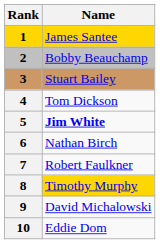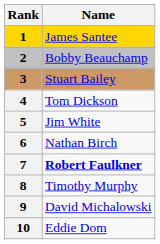 <table class="wikitable">
 <tr>
 <th>Rank</th>
 <th>Name</th>
 </tr>
 <tr bgcolor="gold">
 <td align="center"><strong>1</strong></td>
 <td><a href='#'>James Santee</a></td>
 </tr>
 <tr bgcolor="silver">
 <td align="center"><strong>2</strong></td>
 <td><a href='#'>Bobby Beauchamp</a></td>
 </tr>
 <tr bgcolor="cc9966">
 <td align="center"><strong>3</strong></td>
 <td><a href='#'>Stuart Bailey</a></td>
 </tr>
 <tr>
 <th>4</th>
 <td><a href='#'>Tom Dickson</a></td>
 </tr>
 <tr>
 <th>5</th>
-<td><strong><a href='#'>Jim White</a></strong></td>
+<td><a href='#'>Jim White</a></td>
 </tr>
 <tr>
 <th>6</th>
 <td><a href='#'>Nathan Birch</a></td>
 </tr>
 <tr>
 <th>7</th>
-<td><a href='#'>Robert Faulkner</a></td>
+<td><strong><a href='#'>Robert Faulkner</a></strong></td>
 </tr>
 <tr>
 <th>8</th>
-<td style="background: gold;"><a href='#'>Timothy Murphy</a></td>
+<td><a href='#'>Timothy Murphy</a></td>
 </tr>
 <tr>
 <th>9</th>
 <td><a href='#'>David Michalowski</a></td>
 </tr>
 <tr>
 <th>10</th>
 <td><a href='#'>Eddie Dom</a></td>
 </tr>
 </table>
